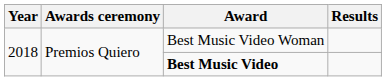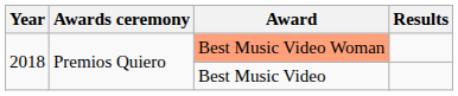 <table class="wikitable">
 <tr>
 <th>Year</th>
 <th>Awards ceremony</th>
 <th>Award</th>
 <th>Results</th>
 </tr>
 <tr>
 <td rowspan="2">2018</td>
 <td rowspan="2">Premios Quiero</td>
-<td>Best Music Video Woman</td>
+<td style="background: lightsalmon;">Best Music Video Woman</td>
 <td></td>
 </tr>
 <tr>
-<td><strong>Best Music Video</strong></td>
+<td>Best Music Video</td>
 <td></td>
 </tr>
 </table>
